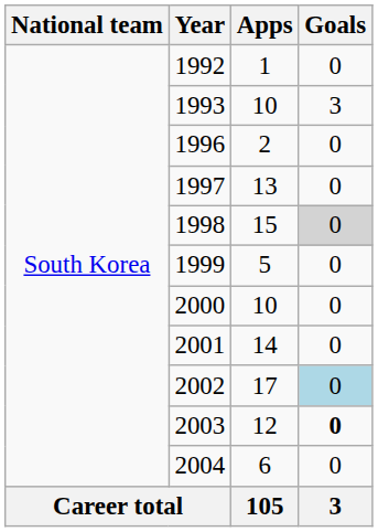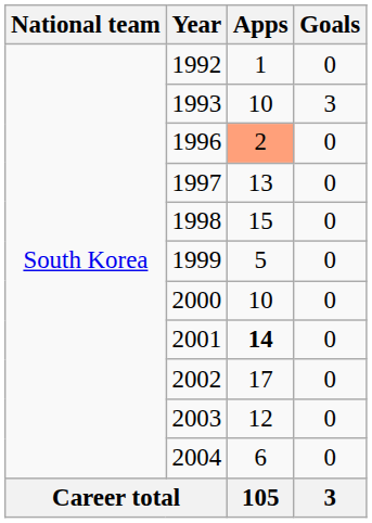 <table class="wikitable" style="text-align:center">
 <tr>
 <th>National team</th>
 <th>Year</th>
 <th>Apps</th>
 <th>Goals</th>
 </tr>
 <tr>
 <td rowspan="11"><a href='#'>South Korea</a></td>
 <td>1992</td>
 <td>1</td>
 <td>0</td>
 </tr>
 <tr>
 <td>1993</td>
 <td>10</td>
 <td>3</td>
 </tr>
 <tr>
 <td>1996</td>
-<td>2</td>
+<td style="background: lightsalmon;">2</td>
 <td>0</td>
 </tr>
 <tr>
 <td>1997</td>
 <td>13</td>
 <td>0</td>
 </tr>
 <tr>
 <td>1998</td>
 <td>15</td>
-<td style="background: lightgrey;">0</td>
+<td>0</td>
 </tr>
 <tr>
 <td>1999</td>
 <td>5</td>
 <td>0</td>
 </tr>
 <tr>
 <td>2000</td>
 <td>10</td>
 <td>0</td>
 </tr>
 <tr>
 <td>2001</td>
-<td>14</td>
+<td><strong>14</strong></td>
 <td>0</td>
 </tr>
 <tr>
 <td>2002</td>
 <td>17</td>
-<td style="background: lightblue;">0</td>
+<td>0</td>
 </tr>
 <tr>
 <td>2003</td>
 <td>12</td>
-<td><strong>0</strong></td>
+<td>0</td>
 </tr>
 <tr>
 <td>2004</td>
 <td>6</td>
 <td>0</td>
 </tr>
 <tr>
 <th colspan="2">Career total</th>
 <th>105</th>
 <th>3</th>
 </tr>
 </table>
